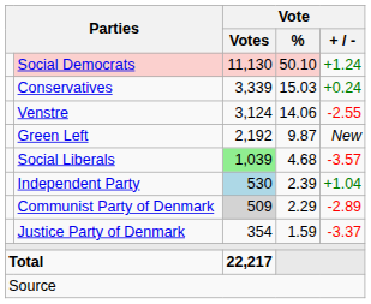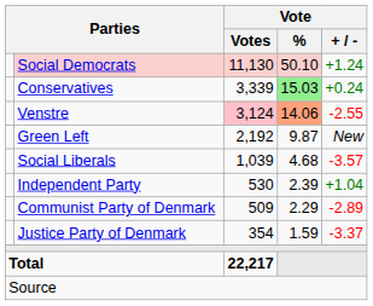 <table class="wikitable" style="text-align:right;">
 <tr>
 <th style="text-align:centre;" rowspan="2" colspan="2" width="225">Parties</th>
 <th colspan="3">Vote</th>
 </tr>
 <tr>
 <th width="15">Votes</th>
 <th width="15">%</th>
 <th width="15">+ / -</th>
 </tr>
 <tr>
 <td width="2" style="color:inherit;background:"></td>
 <td bgcolor=#fbd0ce  align="left"><a href='#'>Social Democrats</a></td>
 <td bgcolor=#fbd0ce>11,130</td>
 <td bgcolor=#fbd0ce>50.10</td>
 <td style=color:green;>+1.24</td>
 </tr>
 <tr>
 <td width="2" style="color:inherit;background:"></td>
 <td align="left"><a href='#'>Conservatives</a></td>
 <td>3,339</td>
-<td>15.03</td>
+<td style="background: lightgreen;">15.03</td>
 <td style=color:green;>+0.24</td>
 </tr>
 <tr>
 <td width="2" style="color:inherit;background:"></td>
 <td align="left"><a href='#'>Venstre</a></td>
-<td>3,124</td>
-<td>14.06</td>
+<td style="background: pink;">3,124</td>
+<td style="background: lightsalmon;">14.06</td>
 <td style=color:red;>-2.55</td>
 </tr>
 <tr>
 <td width="2" style="color:inherit;background:"></td>
 <td align="left"><a href='#'>Green Left</a></td>
 <td>2,192</td>
 <td>9.87</td>
 <td><em>New</em></td>
 </tr>
 <tr>
 <td width="2" style="color:inherit;background:"></td>
 <td align="left"><a href='#'>Social Liberals</a></td>
-<td style="background: lightgreen;">1,039</td>
+<td>1,039</td>
 <td>4.68</td>
 <td style=color:red;>-3.57</td>
 </tr>
 <tr>
 <td width="2" style="color:inherit;background:"></td>
 <td align="left"><a href='#'>Independent Party</a></td>
-<td style="background: lightblue;">530</td>
+<td>530</td>
 <td>2.39</td>
 <td style=color:green;>+1.04</td>
 </tr>
 <tr>
 <td width="2" style="color:inherit;background:"></td>
 <td align="left"><a href='#'>Communist Party of Denmark</a></td>
-<td style="background: lightgrey;">509</td>
+<td>509</td>
 <td>2.29</td>
 <td style=color:red;>-2.89</td>
 </tr>
 <tr>
 <td width="2" style="color:inherit;background:"></td>
 <td align="left"><a href='#'>Justice Party of Denmark</a></td>
 <td>354</td>
 <td>1.59</td>
 <td style=color:red;>-3.37</td>
 </tr>
 <tr>
 <td colspan="7" bgcolor="#E9E9E9"></td>
 </tr>
 <tr>
 <td align="left" colspan="2"><strong>Total</strong></td>
 <td><strong>22,217</strong></td>
 <td bgcolor="#E9E9E9" colspan="2"></td>
 </tr>
 <tr>
 <td align="left" colspan="6">Source</td>
 </tr>
 </table>
